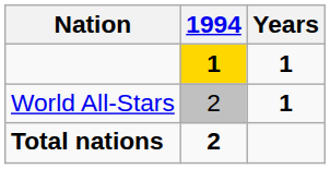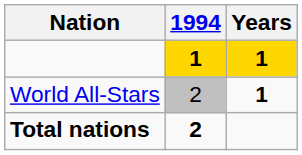 <table class="wikitable" style="text-align:center">
 <tr>
 <th>Nation</th>
 <th><a href='#'>1994</a></th>
 <th>Years</th>
 </tr>
 <tr>
 <td align=left></td>
 <td bgcolor=gold><strong>1</strong></td>
-<td><strong>1</strong></td>
+<td style="background: gold;"><strong>1</strong></td>
 </tr>
 <tr>
 <td align=left> <a href='#'>World All-Stars</a></td>
 <td bgcolor=silver>2</td>
 <td><strong>1</strong></td>
 </tr>
 <tr>
 <td align=left><strong>Total nations</strong></td>
 <td><strong>2</strong></td>
 </tr>
 </table>
